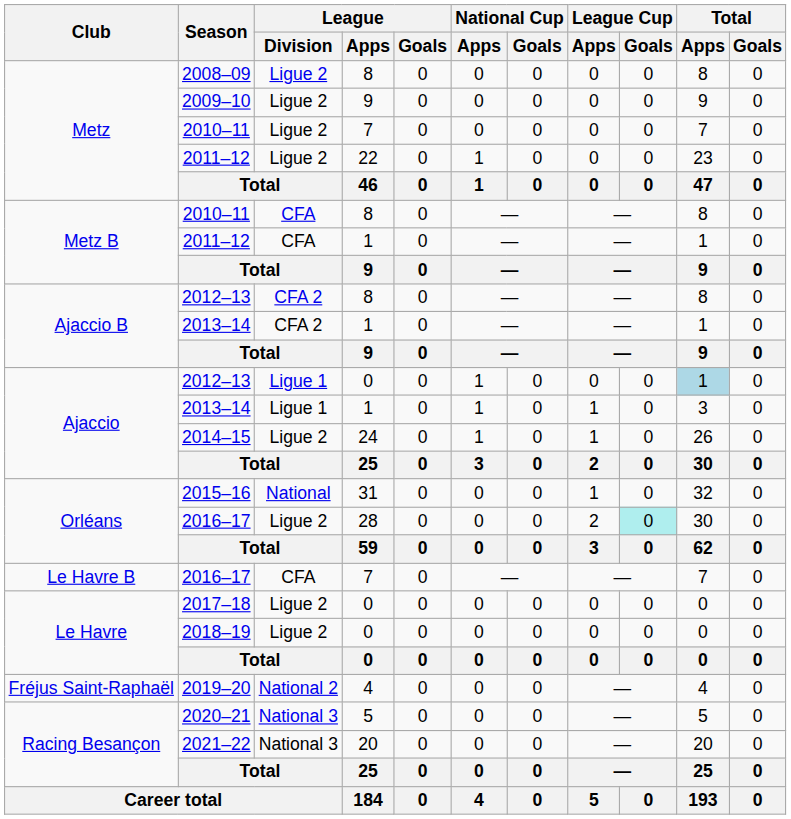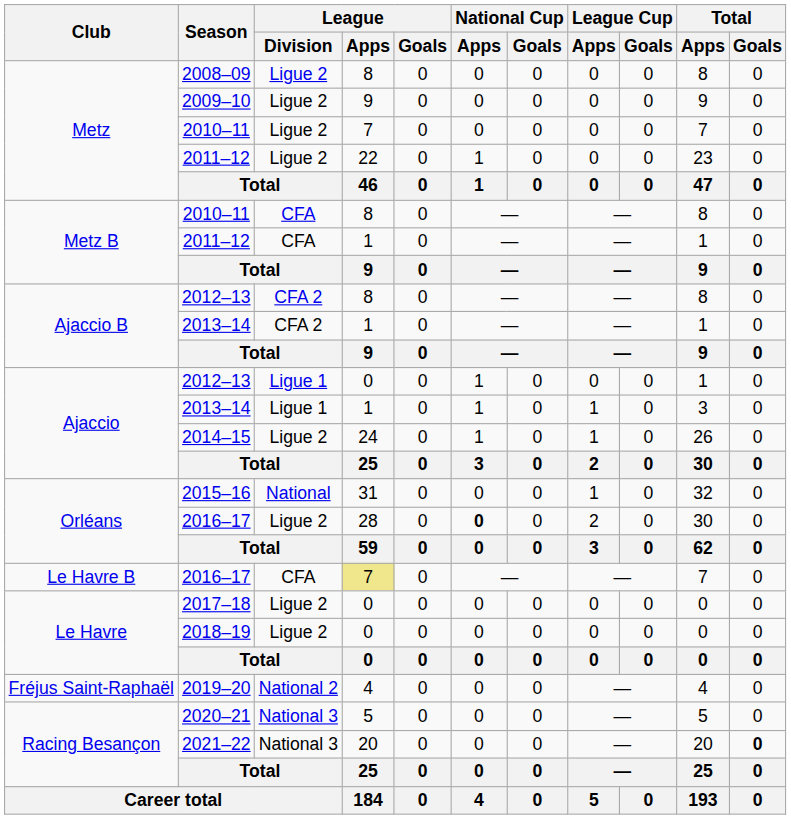 <table class="wikitable" style="text-align:center">
 <tr>
 <th rowspan="2">Club</th>
 <th rowspan="2">Season</th>
 <th colspan="3">League</th>
 <th colspan="2">National Cup</th>
 <th colspan="2">League Cup</th>
 <th colspan="2">Total</th>
 </tr>
 <tr>
 <th>Division</th>
 <th>Apps</th>
 <th>Goals</th>
 <th>Apps</th>
 <th>Goals</th>
 <th>Apps</th>
 <th>Goals</th>
 <th>Apps</th>
 <th>Goals</th>
 </tr>
 <tr>
 <td rowspan="5"><a href='#'>Metz</a></td>
 <td><a href='#'>2008–09</a></td>
 <td><a href='#'>Ligue 2</a></td>
 <td>8</td>
 <td>0</td>
 <td>0</td>
 <td>0</td>
 <td>0</td>
 <td>0</td>
 <td>8</td>
 <td>0</td>
 </tr>
 <tr>
 <td><a href='#'>2009–10</a></td>
 <td>Ligue 2</td>
 <td>9</td>
 <td>0</td>
 <td>0</td>
 <td>0</td>
 <td>0</td>
 <td>0</td>
 <td>9</td>
 <td>0</td>
 </tr>
 <tr>
 <td><a href='#'>2010–11</a></td>
 <td>Ligue 2</td>
 <td>7</td>
 <td>0</td>
 <td>0</td>
 <td>0</td>
 <td>0</td>
 <td>0</td>
 <td>7</td>
 <td>0</td>
 </tr>
 <tr>
 <td><a href='#'>2011–12</a></td>
 <td>Ligue 2</td>
 <td>22</td>
 <td>0</td>
 <td>1</td>
 <td>0</td>
 <td>0</td>
 <td>0</td>
 <td>23</td>
 <td>0</td>
 </tr>
 <tr>
 <th colspan="2">Total</th>
 <th>46</th>
 <th>0</th>
 <th>1</th>
 <th>0</th>
 <th>0</th>
 <th>0</th>
 <th>47</th>
 <th>0</th>
 </tr>
 <tr>
 <td rowspan="3"><a href='#'>Metz B</a></td>
 <td><a href='#'>2010–11</a></td>
 <td><a href='#'>CFA</a></td>
 <td>8</td>
 <td>0</td>
 <td colspan="2">—</td>
 <td colspan="2">—</td>
 <td>8</td>
 <td>0</td>
 </tr>
 <tr>
 <td><a href='#'>2011–12</a></td>
 <td>CFA</td>
 <td>1</td>
 <td>0</td>
 <td colspan="2">—</td>
 <td colspan="2">—</td>
 <td>1</td>
 <td>0</td>
 </tr>
 <tr>
 <th colspan="2">Total</th>
 <th>9</th>
 <th>0</th>
 <th colspan="2">—</th>
 <th colspan="2">—</th>
 <th>9</th>
 <th>0</th>
 </tr>
 <tr>
 <td rowspan="3"><a href='#'>Ajaccio B</a></td>
 <td><a href='#'>2012–13</a></td>
 <td><a href='#'>CFA 2</a></td>
 <td>8</td>
 <td>0</td>
 <td colspan="2">—</td>
 <td colspan="2">—</td>
 <td>8</td>
 <td>0</td>
 </tr>
 <tr>
 <td><a href='#'>2013–14</a></td>
 <td>CFA 2</td>
 <td>1</td>
 <td>0</td>
 <td colspan="2">—</td>
 <td colspan="2">—</td>
 <td>1</td>
 <td>0</td>
 </tr>
 <tr>
 <th colspan="2">Total</th>
 <th>9</th>
 <th>0</th>
 <th colspan="2">—</th>
 <th colspan="2">—</th>
 <th>9</th>
 <th>0</th>
 </tr>
 <tr>
 <td rowspan="4"><a href='#'>Ajaccio</a></td>
 <td><a href='#'>2012–13</a></td>
 <td><a href='#'>Ligue 1</a></td>
 <td>0</td>
 <td>0</td>
 <td>1</td>
 <td>0</td>
 <td>0</td>
 <td>0</td>
-<td style="background: lightblue;">1</td>
+<td>1</td>
 <td>0</td>
 </tr>
 <tr>
 <td><a href='#'>2013–14</a></td>
 <td>Ligue 1</td>
 <td>1</td>
 <td>0</td>
 <td>1</td>
 <td>0</td>
 <td>1</td>
 <td>0</td>
 <td>3</td>
 <td>0</td>
 </tr>
 <tr>
 <td><a href='#'>2014–15</a></td>
 <td>Ligue 2</td>
 <td>24</td>
 <td>0</td>
 <td>1</td>
 <td>0</td>
 <td>1</td>
 <td>0</td>
 <td>26</td>
 <td>0</td>
 </tr>
 <tr>
 <th colspan="2">Total</th>
 <th>25</th>
 <th>0</th>
 <th>3</th>
 <th>0</th>
 <th>2</th>
 <th>0</th>
 <th>30</th>
 <th>0</th>
 </tr>
 <tr>
 <td rowspan="3"><a href='#'>Orléans</a></td>
 <td><a href='#'>2015–16</a></td>
 <td><a href='#'>National</a></td>
 <td>31</td>
 <td>0</td>
 <td>0</td>
 <td>0</td>
 <td>1</td>
 <td>0</td>
 <td>32</td>
 <td>0</td>
 </tr>
 <tr>
 <td><a href='#'>2016–17</a></td>
 <td>Ligue 2</td>
 <td>28</td>
 <td>0</td>
-<td>0</td>
+<td><strong>0</strong></td>
 <td>0</td>
 <td>2</td>
-<td style="background: paleturquoise;">0</td>
+<td>0</td>
 <td>30</td>
 <td>0</td>
 </tr>
 <tr>
 <th colspan="2">Total</th>
 <th>59</th>
 <th>0</th>
 <th>0</th>
 <th>0</th>
 <th>3</th>
 <th>0</th>
 <th>62</th>
 <th>0</th>
 </tr>
 <tr>
 <td><a href='#'>Le Havre B</a></td>
 <td><a href='#'>2016–17</a></td>
 <td>CFA</td>
-<td>7</td>
+<td style="background: khaki;">7</td>
 <td>0</td>
 <td colspan="2">—</td>
 <td colspan="2">—</td>
 <td>7</td>
 <td>0</td>
 </tr>
 <tr>
 <td rowspan="3"><a href='#'>Le Havre</a></td>
 <td><a href='#'>2017–18</a></td>
 <td>Ligue 2</td>
 <td>0</td>
 <td>0</td>
 <td>0</td>
 <td>0</td>
 <td>0</td>
 <td>0</td>
 <td>0</td>
 <td>0</td>
 </tr>
 <tr>
 <td><a href='#'>2018–19</a></td>
 <td>Ligue 2</td>
 <td>0</td>
 <td>0</td>
 <td>0</td>
 <td>0</td>
 <td>0</td>
 <td>0</td>
 <td>0</td>
 <td>0</td>
 </tr>
 <tr>
 <th colspan="2">Total</th>
 <th>0</th>
 <th>0</th>
 <th>0</th>
 <th>0</th>
 <th>0</th>
 <th>0</th>
 <th>0</th>
 <th>0</th>
 </tr>
 <tr>
 <td><a href='#'>Fréjus Saint-Raphaël</a></td>
 <td><a href='#'>2019–20</a></td>
 <td><a href='#'>National 2</a></td>
 <td>4</td>
 <td>0</td>
 <td>0</td>
 <td>0</td>
 <td colspan="2">—</td>
 <td>4</td>
 <td>0</td>
 </tr>
 <tr>
 <td rowspan="3"><a href='#'>Racing Besançon</a></td>
 <td><a href='#'>2020–21</a></td>
 <td><a href='#'>National 3</a></td>
 <td>5</td>
 <td>0</td>
 <td>0</td>
 <td>0</td>
 <td colspan="2">—</td>
 <td>5</td>
 <td>0</td>
 </tr>
 <tr>
 <td><a href='#'>2021–22</a></td>
 <td>National 3</td>
 <td>20</td>
 <td>0</td>
 <td>0</td>
 <td>0</td>
 <td colspan="2">—</td>
 <td>20</td>
-<td>0</td>
+<td><strong>0</strong></td>
 </tr>
 <tr>
 <th colspan="2">Total</th>
 <th>25</th>
 <th>0</th>
 <th>0</th>
 <th>0</th>
 <th colspan="2">—</th>
 <th>25</th>
 <th>0</th>
 </tr>
 <tr>
 <th colspan="3">Career total</th>
 <th>184</th>
 <th>0</th>
 <th>4</th>
 <th>0</th>
 <th>5</th>
 <th>0</th>
 <th>193</th>
 <th>0</th>
 </tr>
 </table>
